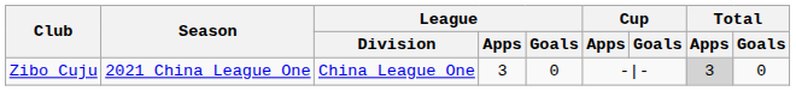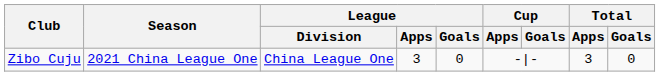 <table class="wikitable" style="text-align:center;">
 <tr>
 <th rowspan="2">Club</th>
 <th rowspan="2">Season</th>
 <th colspan="3">League</th>
 <th colspan="2">Cup</th>
 <th colspan="2">Total</th>
 </tr>
 <tr>
 <th>Division</th>
 <th>Apps</th>
 <th>Goals</th>
 <th>Apps</th>
 <th>Goals</th>
 <th>Apps</th>
 <th>Goals</th>
 </tr>
 <tr>
 <td><a href='#'>Zibo Cuju</a></td>
 <td><a href='#'>2021 China League One</a></td>
 <td><a href='#'>China League One</a></td>
 <td>3</td>
 <td>0</td>
 <td colspan="2">-|-</td>
-<td style="background: lightgrey;">3</td>
+<td>3</td>
 <td>0</td>
 </tr>
 </table>
